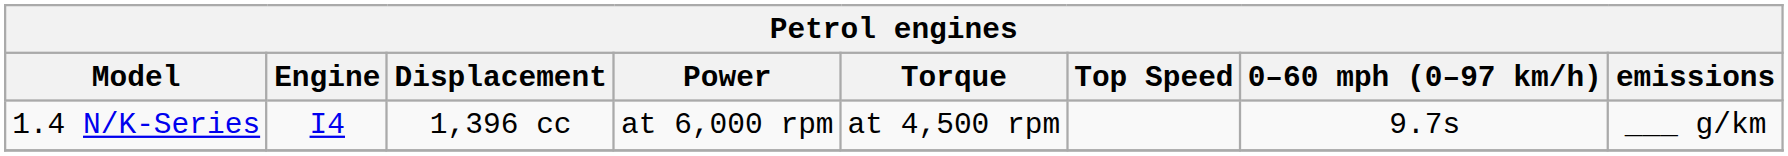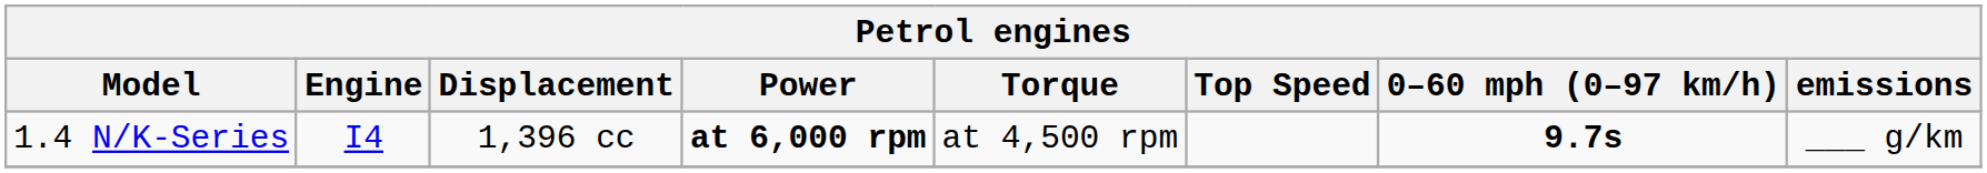 <table class="wikitable" style="text-align:center; font-size:100%;">
 <tr>
 <th colspan=8>Petrol engines</th>
 </tr>
 <tr style="background:#dcdcdc; text-align:center; vertical-align:middle;">
 <th>Model</th>
 <th>Engine</th>
 <th>Displacement</th>
 <th>Power</th>
 <th>Torque</th>
 <th>Top Speed</th>
 <th>0–60 mph (0–97 km/h)</th>
 <th> emissions</th>
 </tr>
 <tr>
 <td>1.4 <a href='#'>N/K-Series</a></td>
 <td><a href='#'>I4</a></td>
 <td>1,396 cc</td>
-<td> at 6,000 rpm</td>
+<td><strong> at 6,000 rpm</strong></td>
 <td> at 4,500 rpm</td>
 <td></td>
-<td>9.7s</td>
+<td><strong>9.7s</strong></td>
 <td>___ g/km</td>
 </tr>
 <tr>
 </tr>
 </table>
